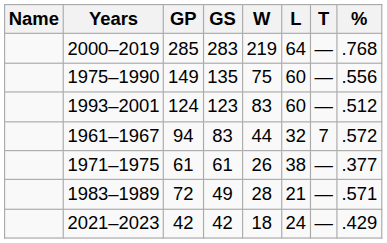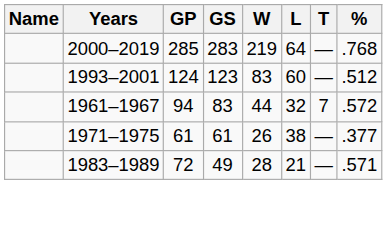 <table class="wikitable sortable" style="text-align:center">
 <tr>
 <th scope="col">Name</th>
 <th scope="col">Years</th>
 <th scope="col">GP</th>
 <th scope="col">GS</th>
 <th scope="col">W</th>
 <th scope="col">L</th>
 <th scope="col">T</th>
 <th scope="col">%</th>
 </tr>
 <tr>
 <td></td>
 <td>2000–2019</td>
 <td>285</td>
 <td>283</td>
 <td>219</td>
 <td>64</td>
 <td>—</td>
 <td>.768</td>
-</tr>
-<tr>
-<td></td>
-<td>1975–1990</td>
-<td>149</td>
-<td>135</td>
-<td>75</td>
-<td>60</td>
-<td>—</td>
-<td>.556</td>
 </tr>
 <tr>
 <td></td>
 <td>1993–2001</td>
 <td>124</td>
 <td>123</td>
 <td>83</td>
 <td>60</td>
 <td>—</td>
 <td>.512</td>
 </tr>
 <tr>
 <td></td>
 <td>1961–1967</td>
 <td>94</td>
 <td>83</td>
 <td>44</td>
 <td>32</td>
 <td>7</td>
 <td>.572</td>
 </tr>
 <tr>
 <td></td>
 <td>1971–1975</td>
 <td>61</td>
 <td>61</td>
 <td>26</td>
 <td>38</td>
 <td>—</td>
 <td>.377</td>
 </tr>
 <tr>
 <td></td>
 <td>1983–1989</td>
 <td>72</td>
 <td>49</td>
 <td>28</td>
 <td>21</td>
 <td>—</td>
 <td>.571</td>
 </tr>
-<tr>
-<td></td>
-<td>2021–2023</td>
-<td>42</td>
-<td>42</td>
-<td>18</td>
-<td>24</td>
-<td>—</td>
-<td>.429</td>
-</tr>
 </table>
